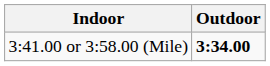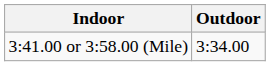 <table class="wikitable" border="1" align="upright">
 <tr>
 <th>Indoor</th>
 <th>Outdoor</th>
 </tr>
 <tr>
 <td>3:41.00 or 3:58.00 (Mile)</td>
-<td><strong>3:34.00</strong></td>
+<td>3:34.00</td>
 </tr>
 </table>
